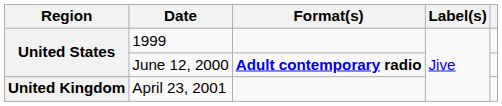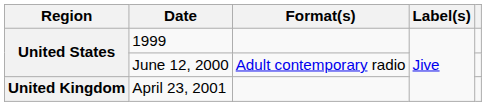 <table class="wikitable plainrowheaders">
 <tr>
 <th scope="col">Region</th>
 <th scope="col">Date</th>
 <th scope="col">Format(s)</th>
 <th scope="col">Label(s)</th>
 <th scope="col"></th>
 </tr>
 <tr>
 <th scope="row" rowspan="2">United States</th>
 <td>1999</td>
 <td></td>
 <td rowspan="3"><a href='#'>Jive</a></td>
 <td></td>
 </tr>
 <tr>
 <td>June 12, 2000</td>
-<td><strong><a href='#'>Adult contemporary</a> radio</strong></td>
+<td><a href='#'>Adult contemporary</a> radio</td>
 <td></td>
 </tr>
 <tr>
 <th scope="row">United Kingdom</th>
 <td>April 23, 2001</td>
 <td></td>
 <td></td>
 </tr>
 </table>
